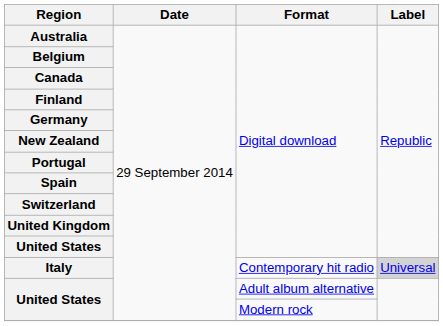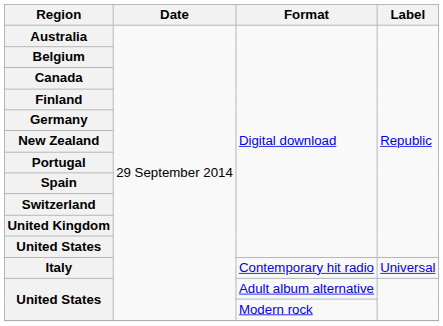 <table class="wikitable plainrowheaders">
 <tr>
 <th scope="col">Region</th>
 <th scope="col">Date</th>
 <th scope="col">Format</th>
 <th scope="col">Label</th>
 </tr>
 <tr>
 <th scope="row">Australia</th>
 <td rowspan="14">29 September 2014</td>
 <td rowspan="11"><a href='#'>Digital download</a></td>
 <td rowspan="11"><a href='#'>Republic</a></td>
 </tr>
 <tr>
 <th scope="row">Belgium</th>
 </tr>
 <tr>
 <th scope="row">Canada</th>
 </tr>
 <tr>
 <th scope="row">Finland</th>
 </tr>
 <tr>
 <th scope="row">Germany</th>
 </tr>
 <tr>
 <th scope="row">New Zealand</th>
 </tr>
 <tr>
 <th scope="row">Portugal</th>
 </tr>
 <tr>
 <th scope="row">Spain</th>
 </tr>
 <tr>
 <th scope="row">Switzerland</th>
 </tr>
 <tr>
 <th scope="row">United Kingdom</th>
 </tr>
 <tr>
 <th scope="row">United States</th>
 </tr>
 <tr>
 <th scope="row">Italy</th>
 <td><a href='#'>Contemporary hit radio</a></td>
-<td style="background: lightgrey;"><a href='#'>Universal</a></td>
+<td><a href='#'>Universal</a></td>
 </tr>
 <tr>
 <th scope="row" rowspan="2">United States</th>
 <td><a href='#'>Adult album alternative</a></td>
 <td rowspan="2"></td>
 </tr>
 <tr>
 <td><a href='#'>Modern rock</a></td>
 </tr>
 <tr>
 </tr>
 </table>
